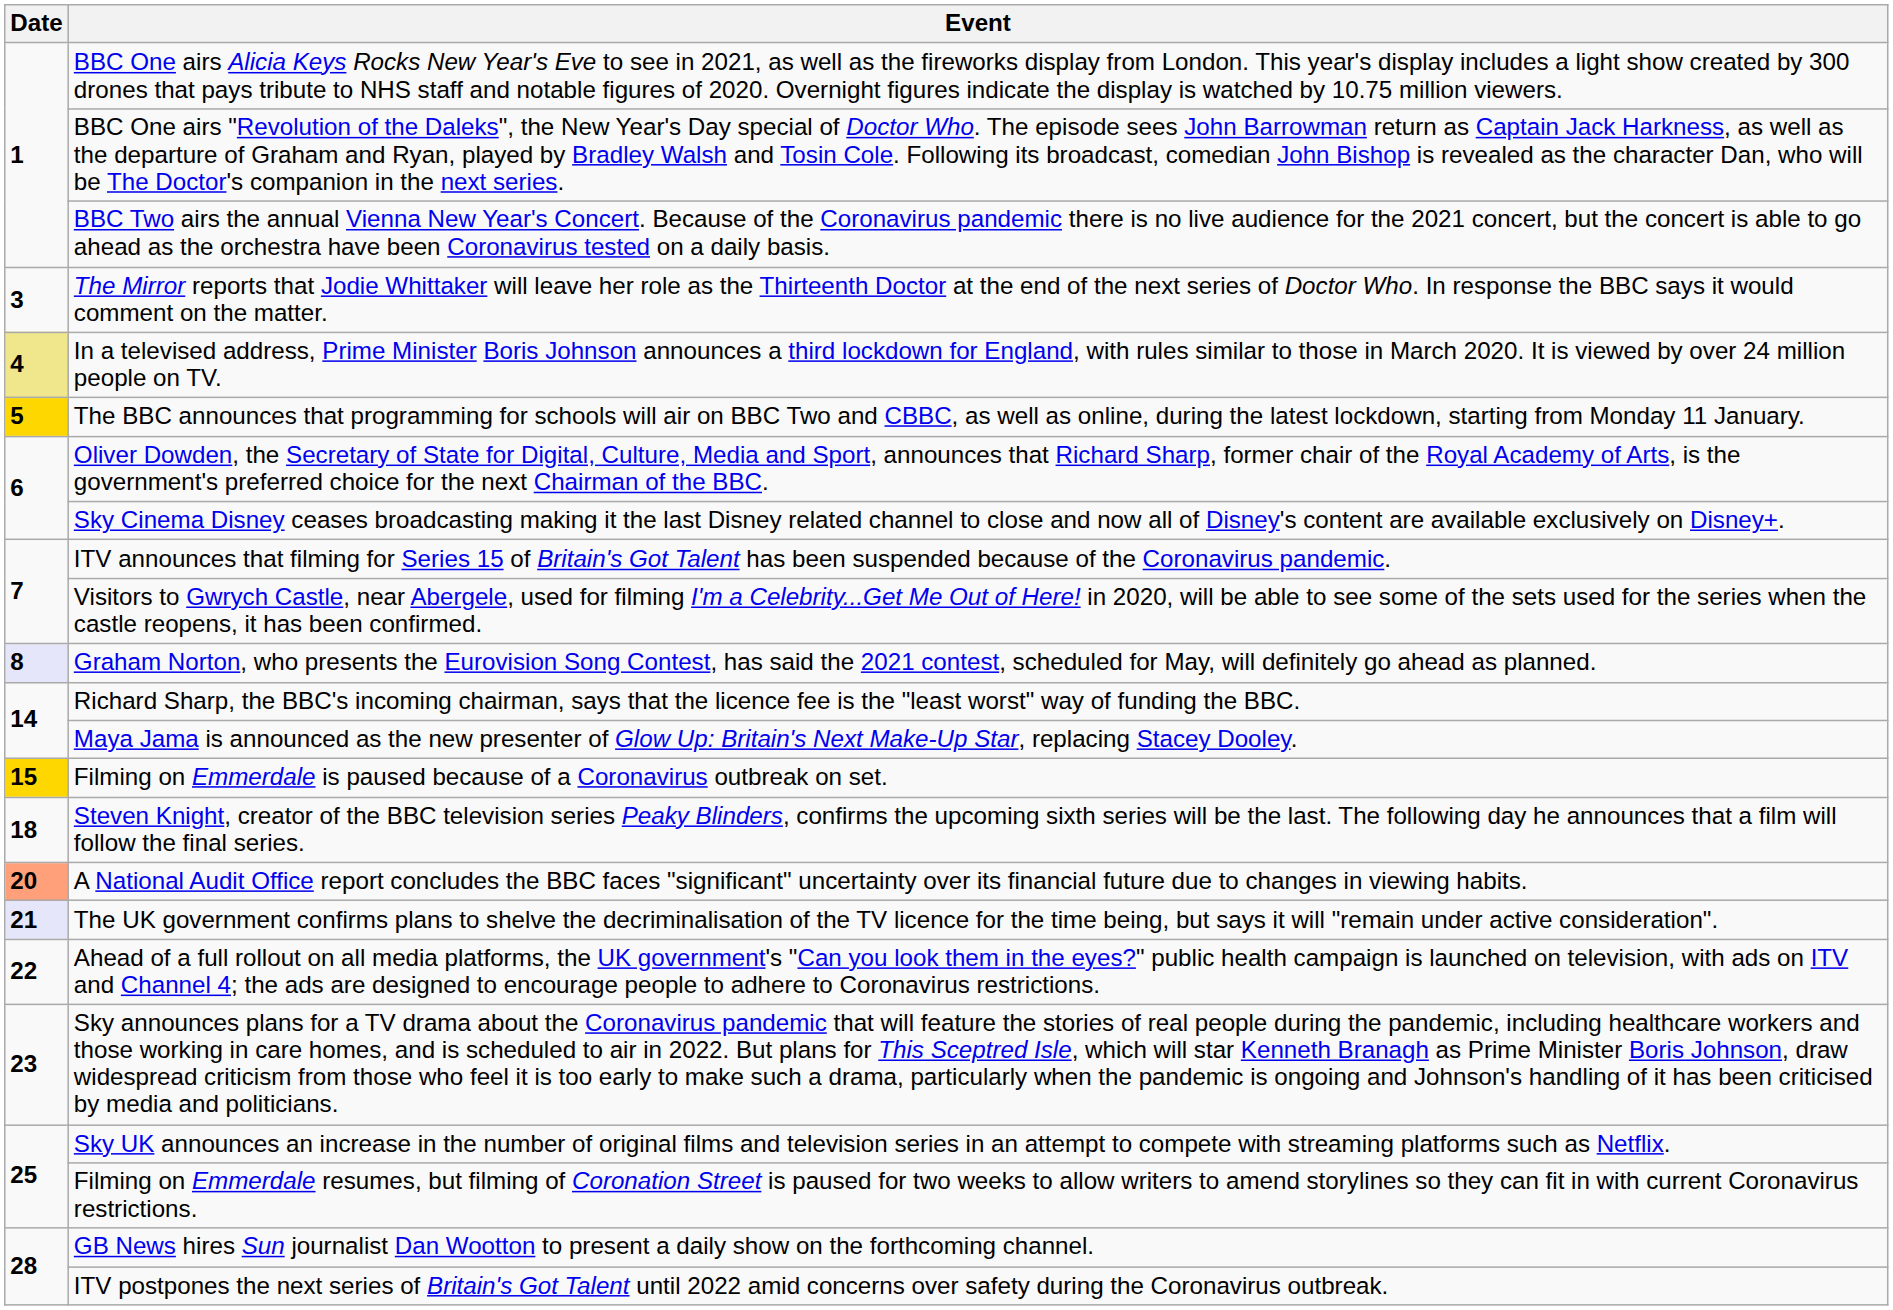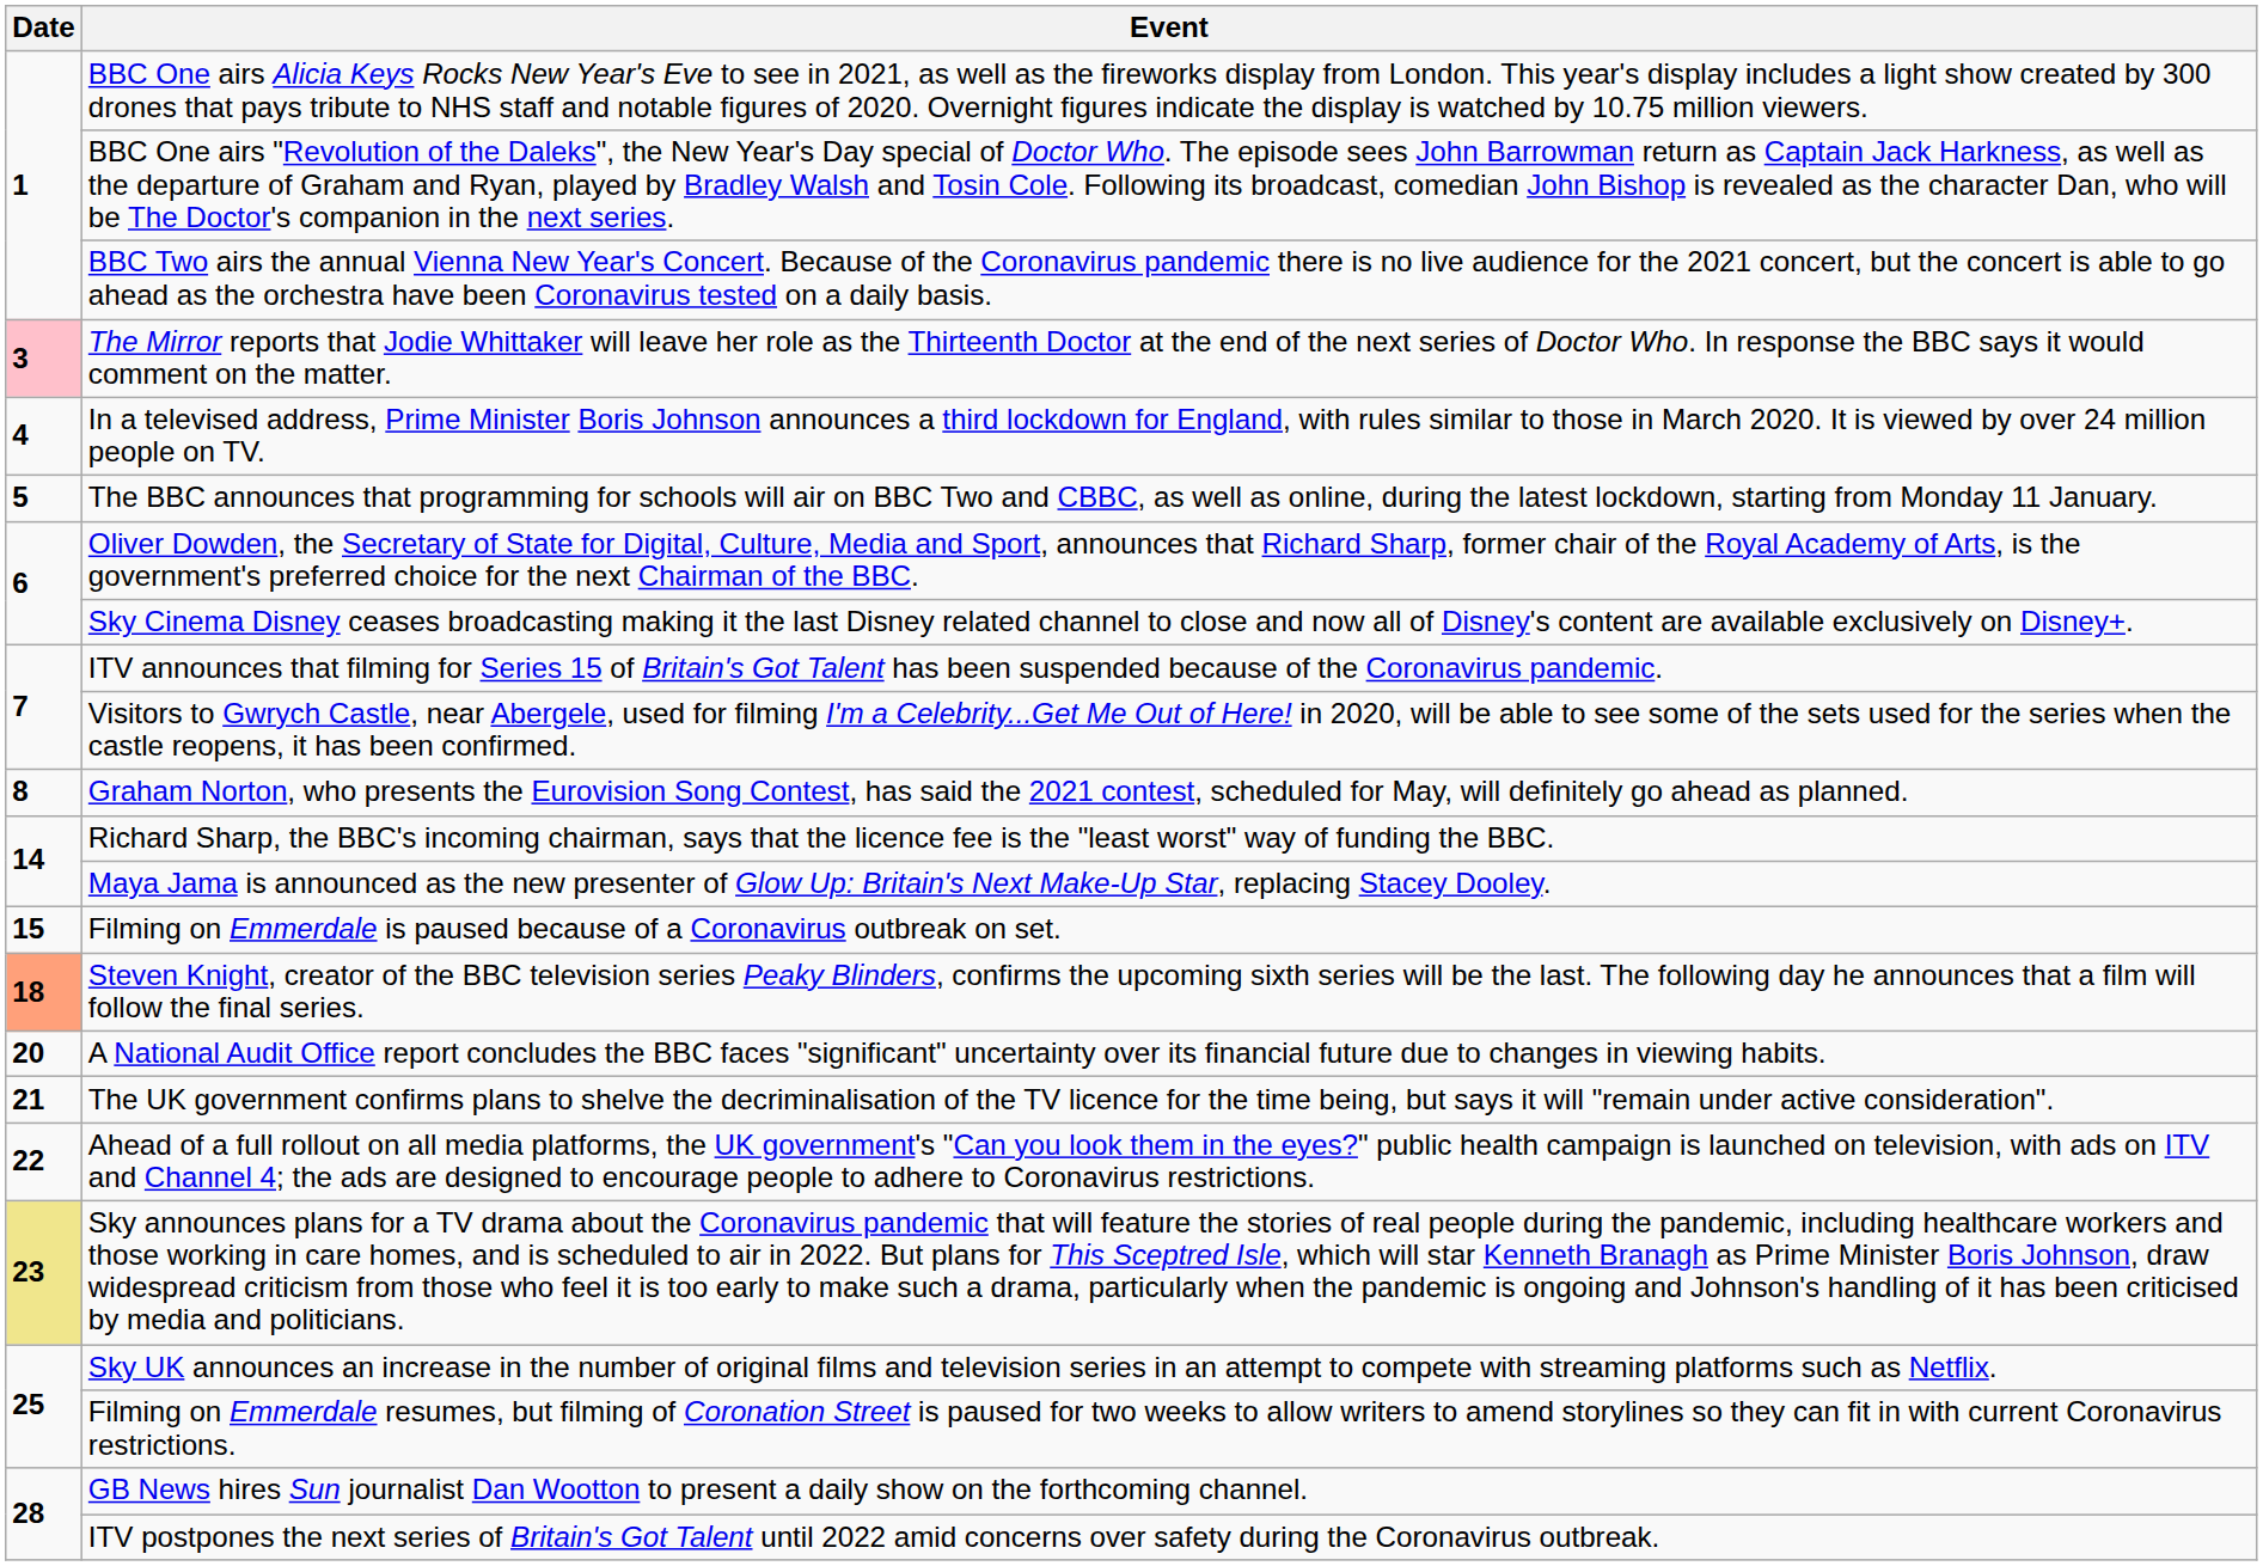 <table class="wikitable">
 <tr>
 <th>Date</th>
 <th>Event</th>
 </tr>
 <tr>
 <td rowspan=3><strong>1</strong></td>
 <td><a href='#'>BBC One</a> airs <em><a href='#'>Alicia Keys</a> Rocks New Year's Eve</em> to see in 2021, as well as the fireworks display from London. This year's display includes a light show created by 300 drones that pays tribute to NHS staff and notable figures of 2020. Overnight figures indicate the display is watched by 10.75 million viewers.</td>
 </tr>
 <tr>
 <td>BBC One airs "<a href='#'>Revolution of the Daleks</a>", the New Year's Day special of <em><a href='#'>Doctor Who</a></em>. The episode sees <a href='#'>John Barrowman</a> return as <a href='#'>Captain Jack Harkness</a>, as well as the departure of Graham and Ryan, played by <a href='#'>Bradley Walsh</a> and <a href='#'>Tosin Cole</a>. Following its broadcast, comedian <a href='#'>John Bishop</a> is revealed as the character Dan, who will be <a href='#'>The Doctor</a>'s companion in the <a href='#'>next series</a>.</td>
 </tr>
 <tr>
 <td><a href='#'>BBC Two</a> airs the annual <a href='#'>Vienna New Year's Concert</a>. Because of the <a href='#'>Coronavirus pandemic</a> there is no live audience for the 2021 concert, but the concert is able to go ahead as the orchestra have been <a href='#'>Coronavirus tested</a> on a daily basis.</td>
 </tr>
 <tr>
-<td><strong>3</strong></td>
+<td style="background: pink;"><strong>3</strong></td>
 <td><em><a href='#'>The Mirror</a></em> reports that <a href='#'>Jodie Whittaker</a> will leave her role as the <a href='#'>Thirteenth Doctor</a> at the end of the next series of <em>Doctor Who</em>. In response the BBC says it would comment on the matter.</td>
 </tr>
 <tr>
-<td style="background: khaki;"><strong>4</strong></td>
+<td><strong>4</strong></td>
 <td>In a televised address, <a href='#'>Prime Minister</a> <a href='#'>Boris Johnson</a> announces a <a href='#'>third lockdown for England</a>, with rules similar to those in March 2020. It is viewed by over 24 million people on TV.</td>
 </tr>
 <tr>
-<td style="background: gold;"><strong>5</strong></td>
+<td><strong>5</strong></td>
 <td>The BBC announces that programming for schools will air on BBC Two and <a href='#'>CBBC</a>, as well as online, during the latest lockdown, starting from Monday 11 January.</td>
 </tr>
 <tr>
 <td rowspan=2><strong>6</strong></td>
 <td><a href='#'>Oliver Dowden</a>, the <a href='#'>Secretary of State for Digital, Culture, Media and Sport</a>, announces that <a href='#'>Richard Sharp</a>, former chair of the <a href='#'>Royal Academy of Arts</a>, is the government's preferred choice for the next <a href='#'>Chairman of the BBC</a>.</td>
 </tr>
 <tr>
 <td><a href='#'>Sky Cinema Disney</a> ceases broadcasting making it the last Disney related channel to close and now all of <a href='#'>Disney</a>'s content are available exclusively on <a href='#'>Disney+</a>.</td>
 </tr>
 <tr>
 <td rowspan=2><strong>7</strong></td>
 <td>ITV announces that filming for <a href='#'>Series 15</a> of <em><a href='#'>Britain's Got Talent</a></em> has been suspended because of the <a href='#'>Coronavirus pandemic</a>.</td>
 </tr>
 <tr>
 <td>Visitors to <a href='#'>Gwrych Castle</a>, near <a href='#'>Abergele</a>, used for filming <em><a href='#'>I'm a Celebrity...Get Me Out of Here!</a></em> in 2020, will be able to see some of the sets used for the series when the castle reopens, it has been confirmed.</td>
 </tr>
 <tr>
-<td style="background: lavender;"><strong>8</strong></td>
+<td><strong>8</strong></td>
 <td><a href='#'>Graham Norton</a>, who presents the <a href='#'>Eurovision Song Contest</a>, has said the <a href='#'>2021 contest</a>, scheduled for May, will definitely go ahead as planned.</td>
 </tr>
 <tr>
 <td rowspan=2><strong>14</strong></td>
 <td>Richard Sharp, the BBC's incoming chairman, says that the licence fee is the "least worst" way of funding the BBC.</td>
 </tr>
 <tr>
 <td><a href='#'>Maya Jama</a> is announced as the new presenter of <em><a href='#'>Glow Up: Britain's Next Make-Up Star</a></em>, replacing <a href='#'>Stacey Dooley</a>.</td>
 </tr>
 <tr>
-<td style="background: gold;"><strong>15</strong></td>
+<td><strong>15</strong></td>
 <td>Filming on <em><a href='#'>Emmerdale</a></em> is paused because of a <a href='#'>Coronavirus</a> outbreak on set.</td>
 </tr>
 <tr>
-<td><strong>18</strong></td>
+<td style="background: lightsalmon;"><strong>18</strong></td>
 <td><a href='#'>Steven Knight</a>, creator of the BBC television series <em><a href='#'>Peaky Blinders</a></em>, confirms the upcoming sixth series will be the last. The following day he announces that a film will follow the final series.</td>
 </tr>
 <tr>
-<td style="background: lightsalmon;"><strong>20</strong></td>
+<td><strong>20</strong></td>
 <td>A <a href='#'>National Audit Office</a> report concludes the BBC faces "significant" uncertainty over its financial future due to changes in viewing habits.</td>
 </tr>
 <tr>
-<td style="background: lavender;"><strong>21</strong></td>
+<td><strong>21</strong></td>
 <td>The UK government confirms plans to shelve the decriminalisation of the TV licence for the time being, but says it will "remain under active consideration".</td>
 </tr>
 <tr>
 <td><strong>22</strong></td>
 <td>Ahead of a full rollout on all media platforms, the <a href='#'>UK government</a>'s "<a href='#'>Can you look them in the eyes?</a>" public health campaign is launched on television, with ads on <a href='#'>ITV</a> and <a href='#'>Channel 4</a>; the ads are designed to encourage people to adhere to Coronavirus restrictions.</td>
 </tr>
 <tr>
-<td><strong>23</strong></td>
+<td style="background: khaki;"><strong>23</strong></td>
 <td>Sky announces plans for a TV drama about the <a href='#'>Coronavirus pandemic</a> that will feature the stories of real people during the pandemic, including healthcare workers and those working in care homes, and is scheduled to air in 2022. But plans for <em><a href='#'>This Sceptred Isle</a></em>, which will star <a href='#'>Kenneth Branagh</a> as Prime Minister <a href='#'>Boris Johnson</a>, draw widespread criticism from those who feel it is too early to make such a drama, particularly when the pandemic is ongoing and Johnson's handling of it has been criticised by media and politicians.</td>
 </tr>
 <tr>
 <td rowspan=2><strong>25</strong></td>
 <td><a href='#'>Sky UK</a> announces an increase in the number of original films and television series in an attempt to compete with streaming platforms such as <a href='#'>Netflix</a>.</td>
 </tr>
 <tr>
 <td>Filming on <em><a href='#'>Emmerdale</a></em> resumes, but filming of <em><a href='#'>Coronation Street</a></em> is paused for two weeks to allow writers to amend storylines so they can fit in with current Coronavirus restrictions.</td>
 </tr>
 <tr>
 <td rowspan=2><strong>28</strong></td>
 <td><a href='#'>GB News</a> hires <em><a href='#'>Sun</a></em> journalist <a href='#'>Dan Wootton</a> to present a daily show on the forthcoming channel.</td>
 </tr>
 <tr>
 <td>ITV postpones the next series of <em><a href='#'>Britain's Got Talent</a></em> until 2022 amid concerns over safety during the Coronavirus outbreak.</td>
 </tr>
 </table>
